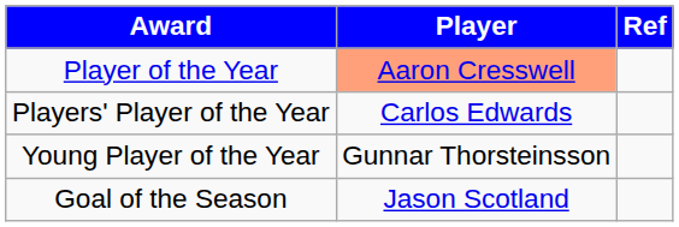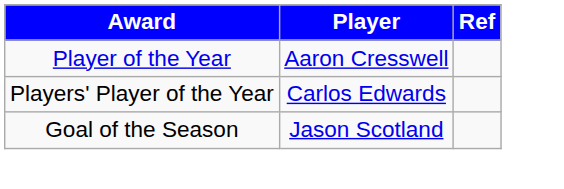 <table class="wikitable" style="text-align:center">
 <tr>
 <th style="background:blue; color:white; width=0%">Award</th>
 <th style="background:blue; color:white; width=0%">Player</th>
 <th style="background:blue; color:white; width=0%">Ref</th>
 </tr>
 <tr>
 <td><a href='#'>Player of the Year</a></td>
-<td style="background: lightsalmon;"> <a href='#'>Aaron Cresswell</a></td>
+<td> <a href='#'>Aaron Cresswell</a></td>
 <td></td>
 </tr>
 <tr>
 <td>Players' Player of the Year</td>
 <td> <a href='#'>Carlos Edwards</a></td>
 <td></td>
 </tr>
 <tr>
-<td>Young Player of the Year</td>
-<td> Gunnar Thorsteinsson</td>
-<td></td>
-</tr>
-<tr>
 <td>Goal of the Season</td>
 <td> <a href='#'>Jason Scotland</a></td>
 <td></td>
 </tr>
 </table>
